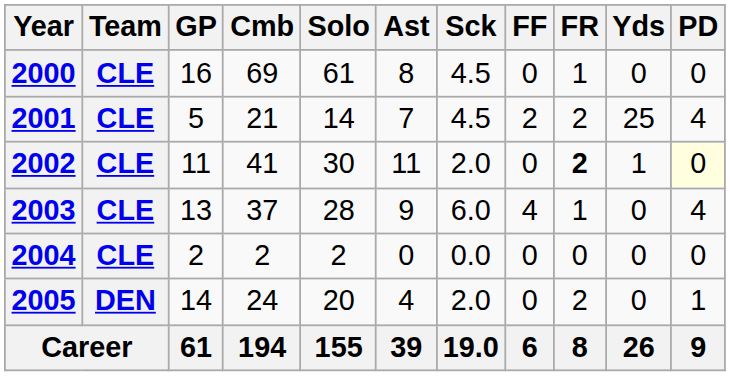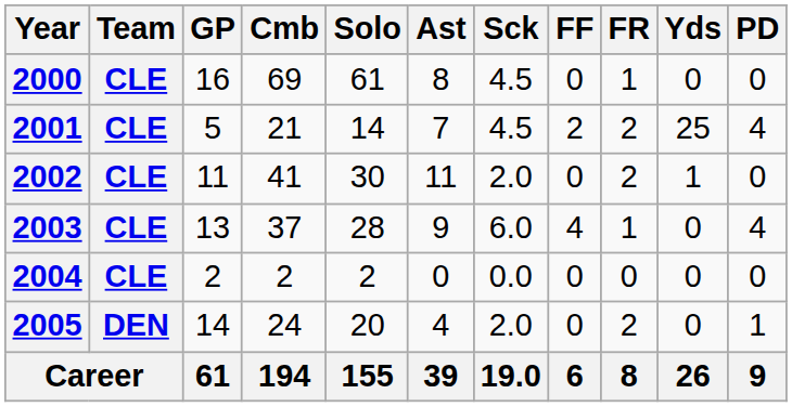 <table class="wikitable" style="text-align: center;">
 <tr>
 <th>Year</th>
 <th>Team</th>
 <th>GP</th>
 <th>Cmb</th>
 <th>Solo</th>
 <th>Ast</th>
 <th>Sck</th>
 <th>FF</th>
 <th>FR</th>
 <th>Yds</th>
 <th>PD</th>
 </tr>
 <tr>
 <th><a href='#'>2000</a></th>
 <th><a href='#'>CLE</a></th>
 <td>16</td>
 <td>69</td>
 <td>61</td>
 <td>8</td>
 <td>4.5</td>
 <td>0</td>
 <td>1</td>
 <td>0</td>
 <td>0</td>
 </tr>
 <tr>
 <th><a href='#'>2001</a></th>
 <th><a href='#'>CLE</a></th>
 <td>5</td>
 <td>21</td>
 <td>14</td>
 <td>7</td>
 <td>4.5</td>
 <td>2</td>
 <td>2</td>
 <td>25</td>
 <td>4</td>
 </tr>
 <tr>
 <th><a href='#'>2002</a></th>
 <th><a href='#'>CLE</a></th>
 <td>11</td>
 <td>41</td>
 <td>30</td>
 <td>11</td>
 <td>2.0</td>
 <td>0</td>
-<td><strong>2</strong></td>
+<td>2</td>
 <td>1</td>
-<td style="background: lightyellow;">0</td>
+<td>0</td>
 </tr>
 <tr>
 <th><a href='#'>2003</a></th>
 <th><a href='#'>CLE</a></th>
 <td>13</td>
 <td>37</td>
 <td>28</td>
 <td>9</td>
 <td>6.0</td>
 <td>4</td>
 <td>1</td>
 <td>0</td>
 <td>4</td>
 </tr>
 <tr>
 <th><a href='#'>2004</a></th>
 <th><a href='#'>CLE</a></th>
 <td>2</td>
 <td>2</td>
 <td>2</td>
 <td>0</td>
 <td>0.0</td>
 <td>0</td>
 <td>0</td>
 <td>0</td>
 <td>0</td>
 </tr>
 <tr>
 <th><a href='#'>2005</a></th>
 <th><a href='#'>DEN</a></th>
 <td>14</td>
 <td>24</td>
 <td>20</td>
 <td>4</td>
 <td>2.0</td>
 <td>0</td>
 <td>2</td>
 <td>0</td>
 <td>1</td>
 </tr>
 <tr>
 <th colspan="2">Career</th>
 <th>61</th>
 <th>194</th>
 <th>155</th>
 <th>39</th>
 <th>19.0</th>
 <th>6</th>
 <th>8</th>
 <th>26</th>
 <th>9</th>
 </tr>
 </table>
